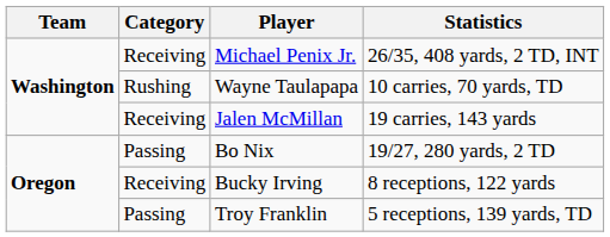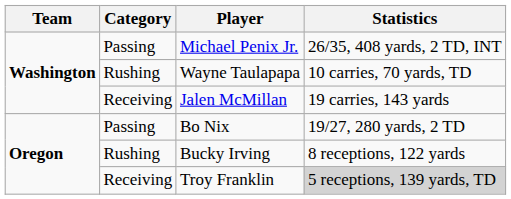 <table class="wikitable" style="float: right;">
 <tr>
 <th>Team</th>
 <th>Category</th>
 <th>Player</th>
 <th>Statistics</th>
 </tr>
 <tr>
 <td rowspan=3><strong>Washington</strong></td>
-<td>Receiving</td>
+<td>Passing</td>
 <td><a href='#'>Michael Penix Jr.</a></td>
 <td>26/35, 408 yards, 2 TD, INT</td>
 </tr>
 <tr>
 <td>Rushing</td>
 <td>Wayne Taulapapa</td>
 <td>10 carries, 70 yards, TD</td>
 </tr>
 <tr>
 <td>Receiving</td>
 <td><a href='#'>Jalen McMillan</a></td>
 <td>19 carries, 143 yards</td>
 </tr>
 <tr>
 <td rowspan=3><strong>Oregon</strong></td>
 <td>Passing</td>
 <td>Bo Nix</td>
 <td>19/27, 280 yards, 2 TD</td>
 </tr>
 <tr>
-<td>Receiving</td>
+<td>Rushing</td>
 <td>Bucky Irving</td>
 <td>8 receptions, 122 yards</td>
 </tr>
 <tr>
-<td>Passing</td>
+<td>Receiving</td>
 <td>Troy Franklin</td>
-<td>5 receptions, 139 yards, TD</td>
+<td style="background: lightgrey;">5 receptions, 139 yards, TD</td>
 </tr>
 </table>
